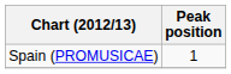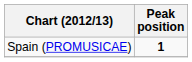 <table class="wikitable sortable">
 <tr>
 <th scope="col">Chart (2012/13)</th>
 <th scope="col">Peak<br>position</th>
 </tr>
 <tr>
 <td>Spain (<a href='#'>PROMUSICAE</a>)</td>
-<td align="center">1</td>
+<td align="center"><strong>1</strong></td>
 </tr>
 <tr>
 </tr>
 </table>
